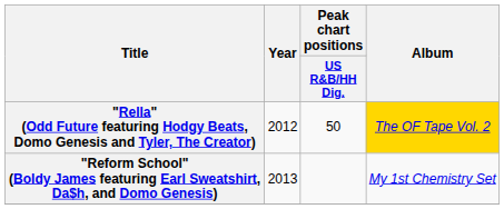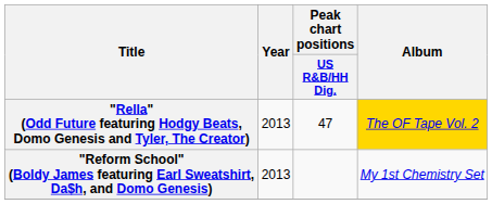 <table class="wikitable plainrowheaders" style="text-align:center;">
 <tr>
 <th scope="col" rowspan="2" style="width:19em;">Title</th>
 <th scope="col" rowspan="2">Year</th>
 <th scope="col" colspan="1">Peak chart positions</th>
 <th scope="col" rowspan="2">Album</th>
 </tr>
 <tr>
 <th scope="col" style="width:3em;font-size:90%;"><a href='#'>US<br>R&B/HH<br>Dig.</a><br></th>
 </tr>
 <tr>
 <th scope="row">"<a href='#'>Rella</a>" <br><span>(<a href='#'>Odd Future</a> featuring <a href='#'>Hodgy Beats</a>, Domo Genesis and <a href='#'>Tyler, The Creator</a>)</span></th>
-<td>2012</td>
-<td>50</td>
+<td>2013</td>
+<td>47</td>
 <td style="background: gold;"><em><a href='#'>The OF Tape Vol. 2</a></em></td>
 </tr>
 <tr>
 <th scope="row">"Reform School" <br><span>(<a href='#'>Boldy James</a> featuring <a href='#'>Earl Sweatshirt</a>, <a href='#'>Da$h</a>, and <a href='#'>Domo Genesis</a>)</span></th>
 <td>2013</td>
 <td></td>
 <td><em><a href='#'>My 1st Chemistry Set</a></em></td>
 </tr>
 <tr>
 </tr>
 </table>
